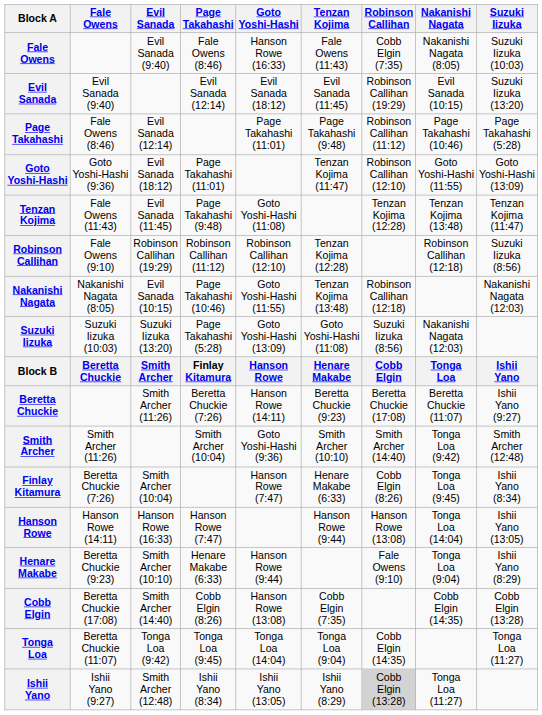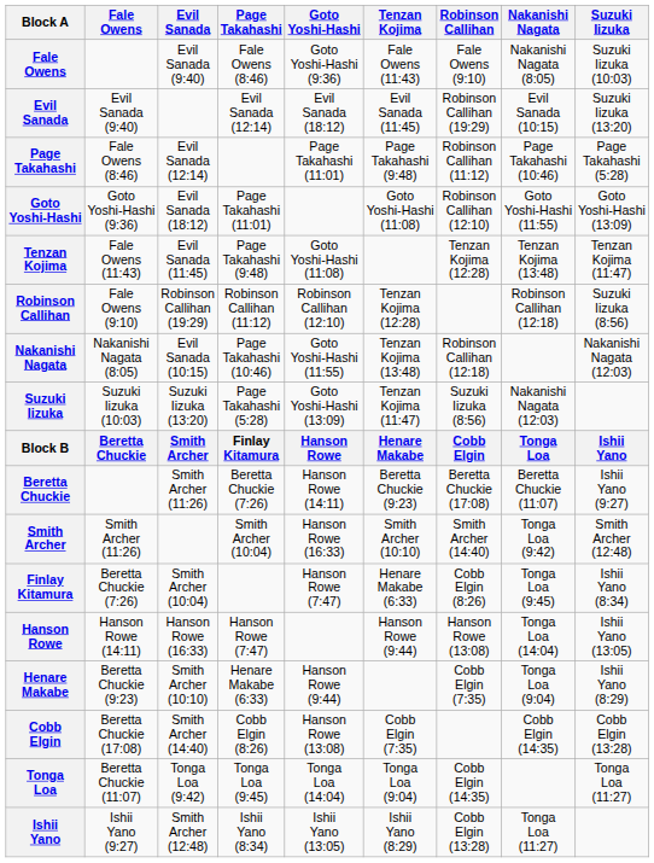 <table class="wikitable" style="text-align:center; margin: 1em auto 1em auto">
 <tr align="center">
 <th>Block A</th>
 <th><a href='#'>Fale</a><br><a href='#'>Owens</a></th>
 <th><a href='#'>Evil</a><br><a href='#'>Sanada</a></th>
 <th><a href='#'>Page</a><br><a href='#'>Takahashi</a></th>
 <th><a href='#'>Goto</a><br><a href='#'>Yoshi-Hashi</a></th>
 <th><a href='#'>Tenzan</a><br><a href='#'>Kojima</a></th>
 <th><a href='#'>Robinson</a><br><a href='#'>Callihan</a></th>
 <th><a href='#'>Nakanishi</a><br><a href='#'>Nagata</a></th>
 <th><a href='#'>Suzuki</a><br><a href='#'>Iizuka</a></th>
 </tr>
 <tr align="center">
 <th><a href='#'>Fale</a><br><a href='#'>Owens</a></th>
 <td></td>
 <td>Evil<br>Sanada<br>(9:40)</td>
 <td>Fale<br>Owens<br>(8:46)</td>
-<td>Hanson<br>Rowe<br>(16:33)</td>
+<td>Goto<br>Yoshi-Hashi<br>(9:36)</td>
 <td>Fale<br>Owens<br>(11:43)</td>
-<td>Cobb<br>Elgin<br>(7:35)</td>
+<td>Fale<br>Owens<br>(9:10)</td>
 <td>Nakanishi<br>Nagata<br>(8:05)</td>
 <td>Suzuki<br>Iizuka<br>(10:03)</td>
 </tr>
 <tr align="center">
 <th><a href='#'>Evil</a><br><a href='#'>Sanada</a></th>
 <td>Evil<br>Sanada<br>(9:40)</td>
 <td></td>
 <td>Evil<br>Sanada<br>(12:14)</td>
 <td>Evil<br>Sanada<br>(18:12)</td>
 <td>Evil<br>Sanada<br>(11:45)</td>
 <td>Robinson<br>Callihan<br>(19:29)</td>
 <td>Evil<br>Sanada<br>(10:15)</td>
 <td>Suzuki<br>Iizuka<br>(13:20)</td>
 </tr>
 <tr align="center">
 <th><a href='#'>Page</a><br><a href='#'>Takahashi</a></th>
 <td>Fale<br>Owens<br>(8:46)</td>
 <td>Evil<br>Sanada<br>(12:14)</td>
 <td></td>
 <td>Page<br>Takahashi<br>(11:01)</td>
 <td>Page<br>Takahashi<br>(9:48)</td>
 <td>Robinson<br>Callihan<br>(11:12)</td>
 <td>Page<br>Takahashi<br>(10:46)</td>
 <td>Page<br>Takahashi<br>(5:28)</td>
 </tr>
 <tr align="center">
 <th><a href='#'>Goto</a><br><a href='#'>Yoshi-Hashi</a></th>
 <td>Goto<br>Yoshi-Hashi<br>(9:36)</td>
 <td>Evil<br>Sanada<br>(18:12)</td>
 <td>Page<br>Takahashi<br>(11:01)</td>
 <td></td>
-<td>Tenzan<br>Kojima<br>(11:47)</td>
+<td>Goto<br>Yoshi-Hashi<br>(11:08)</td>
 <td>Robinson<br>Callihan<br>(12:10)</td>
 <td>Goto<br>Yoshi-Hashi<br>(11:55)</td>
 <td>Goto<br>Yoshi-Hashi<br>(13:09)</td>
 </tr>
 <tr align="center">
 <th><a href='#'>Tenzan</a><br><a href='#'>Kojima</a></th>
 <td>Fale<br>Owens<br>(11:43)</td>
 <td>Evil<br>Sanada<br>(11:45)</td>
 <td>Page<br>Takahashi<br>(9:48)</td>
 <td>Goto<br>Yoshi-Hashi<br>(11:08)</td>
 <td></td>
 <td>Tenzan<br>Kojima<br>(12:28)</td>
 <td>Tenzan<br>Kojima<br>(13:48)</td>
 <td>Tenzan<br>Kojima<br>(11:47)</td>
 </tr>
 <tr align="center">
 <th><a href='#'>Robinson</a><br><a href='#'>Callihan</a></th>
 <td>Fale<br>Owens<br>(9:10)</td>
 <td>Robinson<br>Callihan<br>(19:29)</td>
 <td>Robinson<br>Callihan<br>(11:12)</td>
 <td>Robinson<br>Callihan<br>(12:10)</td>
 <td>Tenzan<br>Kojima<br>(12:28)</td>
 <td></td>
 <td>Robinson<br>Callihan<br>(12:18)</td>
 <td>Suzuki<br>Iizuka<br>(8:56)</td>
 </tr>
 <tr align="center">
 <th><a href='#'>Nakanishi</a><br><a href='#'>Nagata</a></th>
 <td>Nakanishi<br>Nagata<br>(8:05)</td>
 <td>Evil<br>Sanada<br>(10:15)</td>
 <td>Page<br>Takahashi<br>(10:46)</td>
 <td>Goto<br>Yoshi-Hashi<br>(11:55)</td>
 <td>Tenzan<br>Kojima<br>(13:48)</td>
 <td>Robinson<br>Callihan<br>(12:18)</td>
 <td></td>
 <td>Nakanishi<br>Nagata<br>(12:03)</td>
 </tr>
 <tr align="center">
 <th><a href='#'>Suzuki</a><br><a href='#'>Iizuka</a></th>
 <td>Suzuki<br>Iizuka<br>(10:03)</td>
 <td>Suzuki<br>Iizuka<br>(13:20)</td>
 <td>Page<br>Takahashi<br>(5:28)</td>
 <td>Goto<br>Yoshi-Hashi<br>(13:09)</td>
-<td>Goto<br>Yoshi-Hashi<br>(11:08)</td>
+<td>Tenzan<br>Kojima<br>(11:47)</td>
 <td>Suzuki<br>Iizuka<br>(8:56)</td>
 <td>Nakanishi<br>Nagata<br>(12:03)</td>
 <td></td>
 </tr>
 <tr align="center">
 <th>Block B</th>
 <th><a href='#'>Beretta</a><br><a href='#'>Chuckie</a></th>
 <th><a href='#'>Smith</a><br><a href='#'>Archer</a></th>
 <th>Finlay<br><a href='#'>Kitamura</a></th>
 <th><a href='#'>Hanson</a><br><a href='#'>Rowe</a></th>
 <th><a href='#'>Henare</a><br><a href='#'>Makabe</a></th>
 <th><a href='#'>Cobb</a><br><a href='#'>Elgin</a></th>
 <th><a href='#'>Tonga</a><br><a href='#'>Loa</a></th>
 <th><a href='#'>Ishii</a><br><a href='#'>Yano</a></th>
 </tr>
 <tr align="center">
 <th><a href='#'>Beretta</a><br><a href='#'>Chuckie</a></th>
 <td></td>
 <td>Smith<br>Archer<br>(11:26)</td>
 <td>Beretta<br>Chuckie<br>(7:26)</td>
 <td>Hanson<br>Rowe<br>(14:11)</td>
 <td>Beretta<br>Chuckie<br>(9:23)</td>
 <td>Beretta<br>Chuckie<br>(17:08)</td>
 <td>Beretta<br>Chuckie<br>(11:07)</td>
 <td>Ishii<br>Yano<br>(9:27)</td>
 </tr>
 <tr align="center">
 <th><a href='#'>Smith</a><br><a href='#'>Archer</a></th>
 <td>Smith<br>Archer<br>(11:26)</td>
 <td></td>
 <td>Smith<br>Archer<br>(10:04)</td>
-<td>Goto<br>Yoshi-Hashi<br>(9:36)</td>
+<td>Hanson<br>Rowe<br>(16:33)</td>
 <td>Smith<br>Archer<br>(10:10)</td>
 <td>Smith<br>Archer<br>(14:40)</td>
 <td>Tonga<br>Loa<br>(9:42)</td>
 <td>Smith<br>Archer<br>(12:48)</td>
 </tr>
 <tr align="center">
 <th><a href='#'>Finlay</a><br><a href='#'>Kitamura</a></th>
 <td>Beretta<br>Chuckie<br>(7:26)</td>
 <td>Smith<br>Archer<br>(10:04)</td>
 <td></td>
 <td>Hanson<br>Rowe<br>(7:47)</td>
 <td>Henare<br>Makabe<br>(6:33)</td>
 <td>Cobb<br>Elgin<br>(8:26)</td>
 <td>Tonga<br>Loa<br>(9:45)</td>
 <td>Ishii<br>Yano<br>(8:34)</td>
 </tr>
 <tr align="center">
 <th><a href='#'>Hanson</a><br><a href='#'>Rowe</a></th>
 <td>Hanson<br>Rowe<br>(14:11)</td>
 <td>Hanson<br>Rowe<br>(16:33)</td>
 <td>Hanson<br>Rowe<br>(7:47)</td>
 <td></td>
 <td>Hanson<br>Rowe<br>(9:44)</td>
 <td>Hanson<br>Rowe<br>(13:08)</td>
 <td>Tonga<br>Loa<br>(14:04)</td>
 <td>Ishii<br>Yano<br>(13:05)</td>
 </tr>
 <tr align="center">
 <th><a href='#'>Henare</a><br><a href='#'>Makabe</a></th>
 <td>Beretta<br>Chuckie<br>(9:23)</td>
 <td>Smith<br>Archer<br>(10:10)</td>
 <td>Henare<br>Makabe<br>(6:33)</td>
 <td>Hanson<br>Rowe<br>(9:44)</td>
 <td></td>
-<td>Fale<br>Owens<br>(9:10)</td>
+<td>Cobb<br>Elgin<br>(7:35)</td>
 <td>Tonga<br>Loa<br>(9:04)</td>
 <td>Ishii<br>Yano<br>(8:29)</td>
 </tr>
 <tr align="center">
 <th><a href='#'>Cobb</a><br><a href='#'>Elgin</a></th>
 <td>Beretta<br>Chuckie<br>(17:08)</td>
 <td>Smith<br>Archer<br>(14:40)</td>
 <td>Cobb<br>Elgin<br>(8:26)</td>
 <td>Hanson<br>Rowe<br>(13:08)</td>
 <td>Cobb<br>Elgin<br>(7:35)</td>
 <td></td>
 <td>Cobb<br>Elgin<br>(14:35)</td>
 <td>Cobb<br>Elgin<br>(13:28)</td>
 </tr>
 <tr align="center">
 <th><a href='#'>Tonga</a><br><a href='#'>Loa</a></th>
 <td>Beretta<br>Chuckie<br>(11:07)</td>
 <td>Tonga<br>Loa<br>(9:42)</td>
 <td>Tonga<br>Loa<br>(9:45)</td>
 <td>Tonga<br>Loa<br>(14:04)</td>
 <td>Tonga<br>Loa<br>(9:04)</td>
 <td>Cobb<br>Elgin<br>(14:35)</td>
 <td></td>
 <td>Tonga<br>Loa<br>(11:27)</td>
 </tr>
 <tr align="center">
 <th><a href='#'>Ishii</a><br><a href='#'>Yano</a></th>
 <td>Ishii<br>Yano<br>(9:27)</td>
 <td>Smith<br>Archer<br>(12:48)</td>
 <td>Ishii<br>Yano<br>(8:34)</td>
 <td>Ishii<br>Yano<br>(13:05)</td>
 <td>Ishii<br>Yano<br>(8:29)</td>
-<td style="background: lightgrey;">Cobb<br>Elgin<br>(13:28)</td>
+<td>Cobb<br>Elgin<br>(13:28)</td>
 <td>Tonga<br>Loa<br>(11:27)</td>
 <td></td>
 </tr>
 </table>
